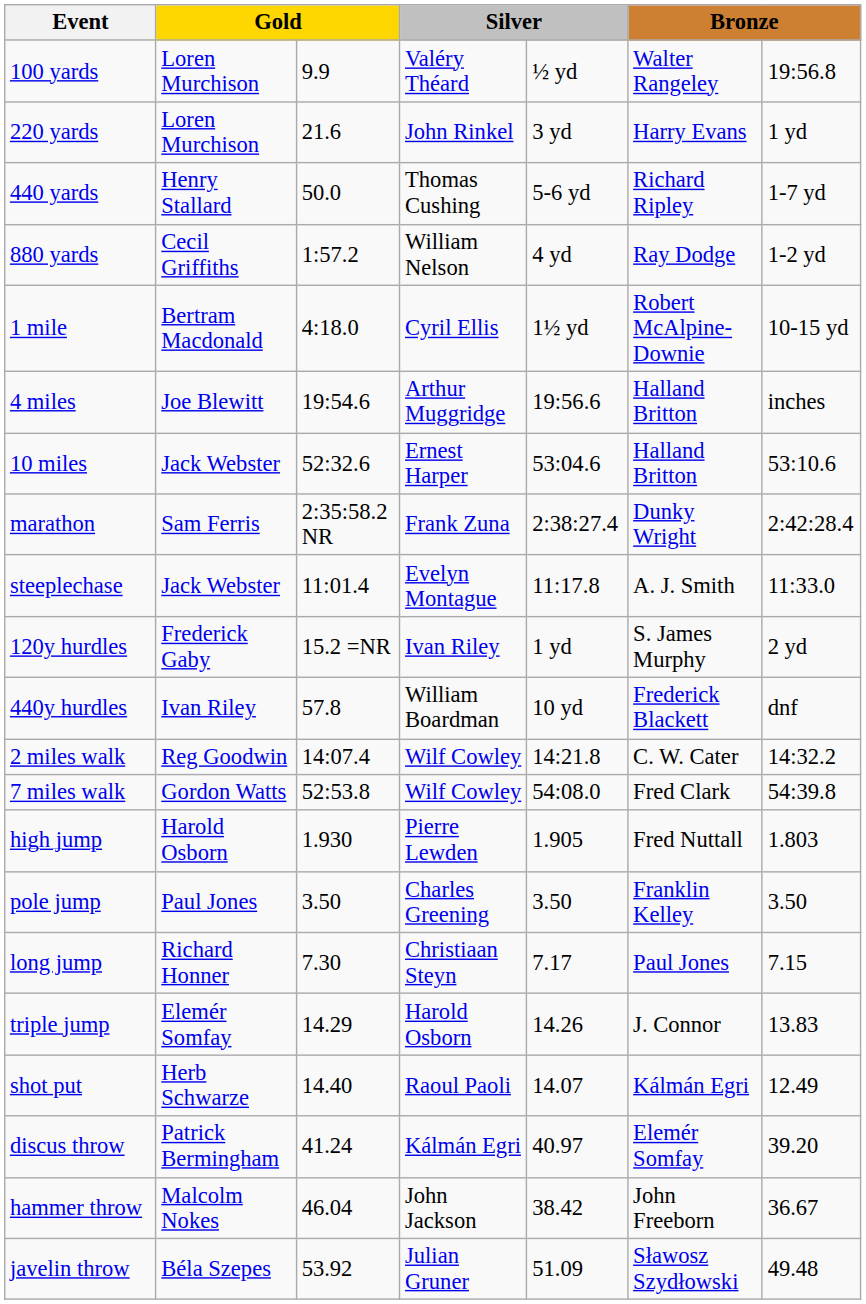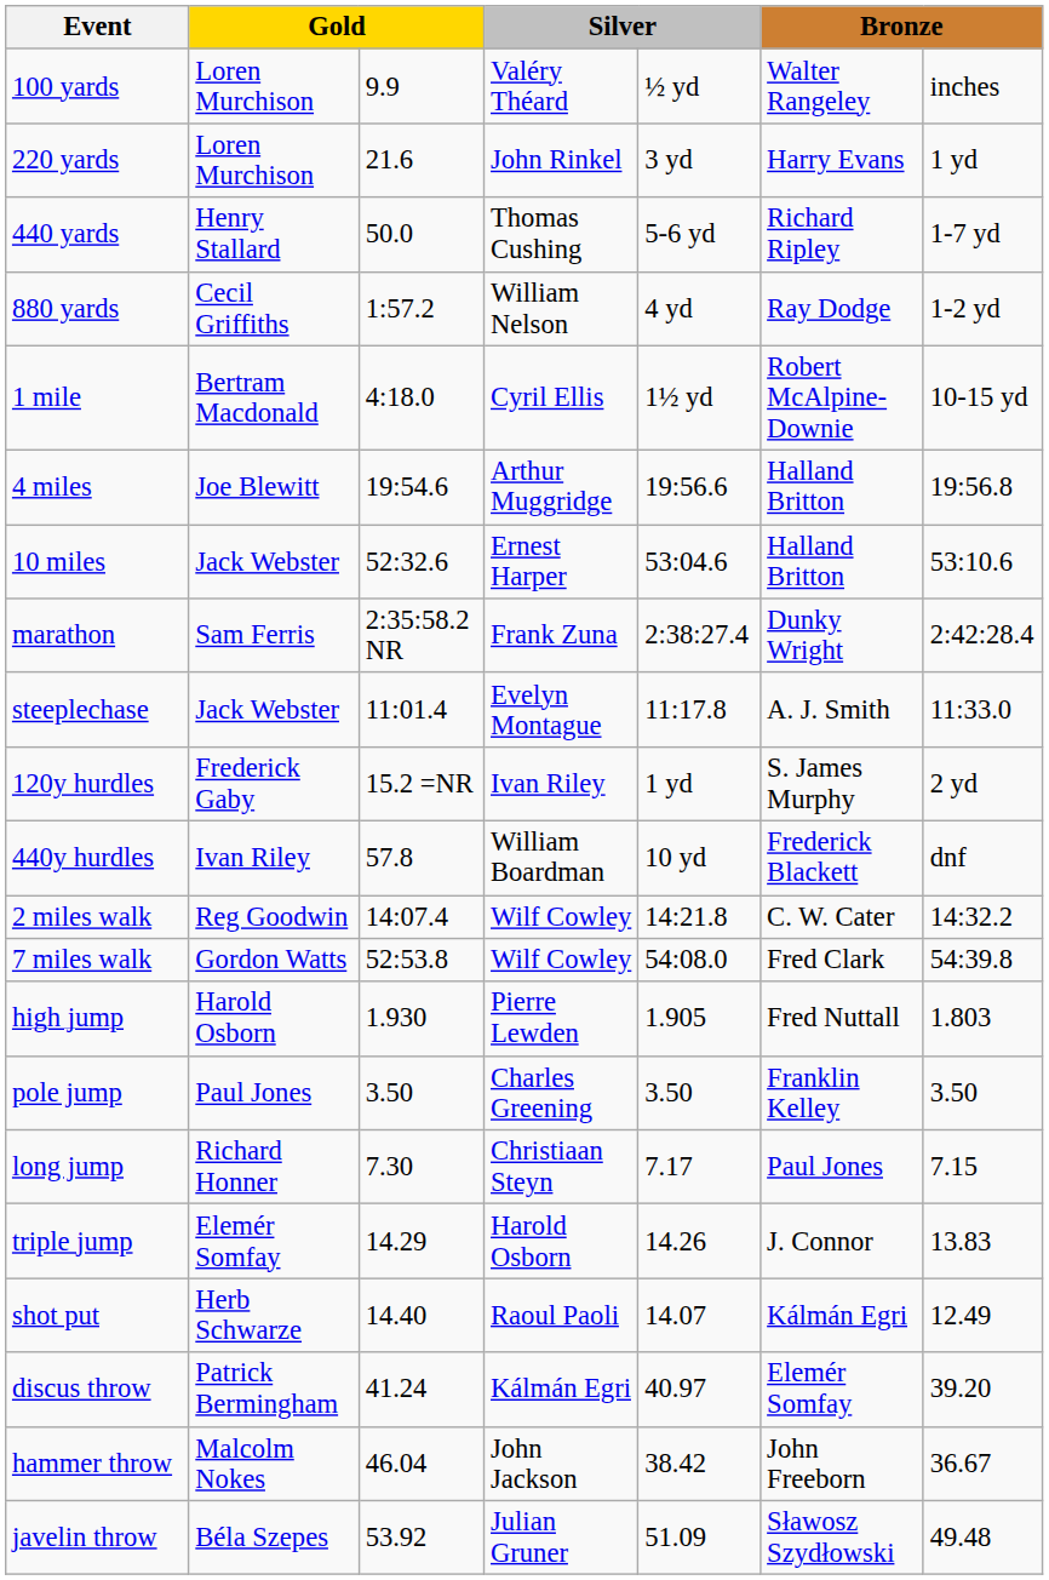 <table class="wikitable" style="text-align:left">
 <tr>
 <th width=100>Event</th>
 <th colspan="2" width="280" style="background:gold;">Gold</th>
 <th colspan="2" width="280" style="background:silver;">Silver</th>
 <th colspan="2" width="280" style="background:#CD7F32;">Bronze</th>
 </tr>
 <tr>
 <td><a href='#'>100 yards</a></td>
 <td> <a href='#'>Loren Murchison</a></td>
 <td>9.9</td>
 <td> <a href='#'>Valéry Théard</a></td>
 <td>½ yd</td>
 <td><a href='#'>Walter Rangeley</a></td>
-<td>19:56.8</td>
+<td>inches</td>
 </tr>
 <tr>
 <td><a href='#'>220 yards</a></td>
 <td> <a href='#'>Loren Murchison</a></td>
 <td>21.6</td>
 <td><a href='#'>John Rinkel</a></td>
 <td>3 yd</td>
 <td> <a href='#'>Harry Evans</a></td>
 <td>1 yd</td>
 </tr>
 <tr>
 <td><a href='#'>440 yards</a></td>
 <td><a href='#'>Henry Stallard</a></td>
 <td>50.0</td>
 <td>Thomas Cushing</td>
 <td>5-6 yd</td>
 <td><a href='#'>Richard Ripley</a></td>
 <td>1-7 yd</td>
 </tr>
 <tr>
 <td><a href='#'>880 yards</a></td>
 <td> <a href='#'>Cecil Griffiths</a></td>
 <td>1:57.2</td>
 <td>William Nelson</td>
 <td>4 yd</td>
 <td> <a href='#'>Ray Dodge</a></td>
 <td>1-2 yd</td>
 </tr>
 <tr>
 <td><a href='#'>1 mile</a></td>
 <td><a href='#'>Bertram Macdonald</a></td>
 <td>4:18.0</td>
 <td><a href='#'>Cyril Ellis</a></td>
 <td>1½ yd</td>
 <td> <a href='#'>Robert McAlpine-Downie</a></td>
 <td>10-15 yd</td>
 </tr>
 <tr>
 <td><a href='#'>4 miles</a></td>
 <td><a href='#'>Joe Blewitt</a></td>
 <td>19:54.6</td>
 <td><a href='#'>Arthur Muggridge</a></td>
 <td>19:56.6</td>
 <td><a href='#'>Halland Britton</a></td>
-<td>inches</td>
+<td>19:56.8</td>
 </tr>
 <tr>
 <td><a href='#'>10 miles</a></td>
 <td><a href='#'>Jack Webster</a></td>
 <td>52:32.6</td>
 <td><a href='#'>Ernest Harper</a></td>
 <td>53:04.6</td>
 <td><a href='#'>Halland Britton</a></td>
 <td>53:10.6</td>
 </tr>
 <tr>
 <td><a href='#'>marathon</a></td>
 <td> <a href='#'>Sam Ferris</a></td>
 <td>2:35:58.2 NR</td>
 <td> <a href='#'>Frank Zuna</a></td>
 <td>2:38:27.4</td>
 <td> <a href='#'>Dunky Wright</a></td>
 <td>2:42:28.4</td>
 </tr>
 <tr>
 <td><a href='#'>steeplechase</a></td>
 <td><a href='#'>Jack Webster</a></td>
 <td>11:01.4</td>
 <td><a href='#'>Evelyn Montague</a></td>
 <td>11:17.8</td>
 <td>A. J. Smith</td>
 <td>11:33.0</td>
 </tr>
 <tr>
 <td><a href='#'>120y hurdles</a></td>
 <td><a href='#'>Frederick Gaby</a></td>
 <td>15.2 =NR</td>
 <td> <a href='#'>Ivan Riley</a></td>
 <td>1 yd</td>
 <td>S. James Murphy</td>
 <td>2 yd</td>
 </tr>
 <tr>
 <td><a href='#'>440y hurdles</a></td>
 <td> <a href='#'>Ivan Riley</a></td>
 <td>57.8</td>
 <td>William Boardman</td>
 <td>10 yd</td>
 <td><a href='#'>Frederick Blackett</a></td>
 <td>dnf</td>
 </tr>
 <tr>
 <td><a href='#'>2 miles walk</a></td>
 <td><a href='#'>Reg Goodwin</a></td>
 <td>14:07.4</td>
 <td><a href='#'>Wilf Cowley</a></td>
 <td>14:21.8</td>
 <td>C. W. Cater</td>
 <td>14:32.2</td>
 </tr>
 <tr>
 <td><a href='#'>7 miles walk</a></td>
 <td><a href='#'>Gordon Watts</a></td>
 <td>52:53.8</td>
 <td><a href='#'>Wilf Cowley</a></td>
 <td>54:08.0</td>
 <td>Fred Clark</td>
 <td>54:39.8</td>
 </tr>
 <tr>
 <td><a href='#'>high jump</a></td>
 <td> <a href='#'>Harold Osborn</a></td>
 <td>1.930</td>
 <td> <a href='#'>Pierre Lewden</a></td>
 <td>1.905</td>
 <td>Fred Nuttall</td>
 <td>1.803</td>
 </tr>
 <tr>
 <td><a href='#'>pole jump</a></td>
 <td> <a href='#'>Paul Jones</a></td>
 <td>3.50</td>
 <td> <a href='#'>Charles Greening</a></td>
 <td>3.50</td>
 <td> <a href='#'>Franklin Kelley</a></td>
 <td>3.50</td>
 </tr>
 <tr>
 <td><a href='#'>long jump</a></td>
 <td> <a href='#'>Richard Honner</a></td>
 <td>7.30</td>
 <td> <a href='#'>Christiaan Steyn</a></td>
 <td>7.17</td>
 <td> <a href='#'>Paul Jones</a></td>
 <td>7.15</td>
 </tr>
 <tr>
 <td><a href='#'>triple jump</a></td>
 <td> <a href='#'>Elemér Somfay</a></td>
 <td>14.29</td>
 <td> <a href='#'>Harold Osborn</a></td>
 <td>14.26</td>
 <td>J. Connor</td>
 <td>13.83</td>
 </tr>
 <tr>
 <td><a href='#'>shot put</a></td>
 <td> <a href='#'>Herb Schwarze</a></td>
 <td>14.40</td>
 <td> <a href='#'>Raoul Paoli</a></td>
 <td>14.07</td>
 <td> <a href='#'>Kálmán Egri</a></td>
 <td>12.49</td>
 </tr>
 <tr>
 <td><a href='#'>discus throw</a></td>
 <td> <a href='#'>Patrick Bermingham</a></td>
 <td>41.24</td>
 <td> <a href='#'>Kálmán Egri</a></td>
 <td>40.97</td>
 <td> <a href='#'>Elemér Somfay</a></td>
 <td>39.20</td>
 </tr>
 <tr>
 <td><a href='#'>hammer throw</a></td>
 <td><a href='#'>Malcolm Nokes</a></td>
 <td>46.04</td>
 <td> John Jackson</td>
 <td>38.42</td>
 <td>John Freeborn</td>
 <td>36.67</td>
 </tr>
 <tr>
 <td><a href='#'>javelin throw</a></td>
 <td> <a href='#'>Béla Szepes</a></td>
 <td>53.92</td>
 <td> <a href='#'>Julian Gruner</a></td>
 <td>51.09</td>
 <td> <a href='#'>Sławosz Szydłowski</a></td>
 <td>49.48</td>
 </tr>
 </table>
